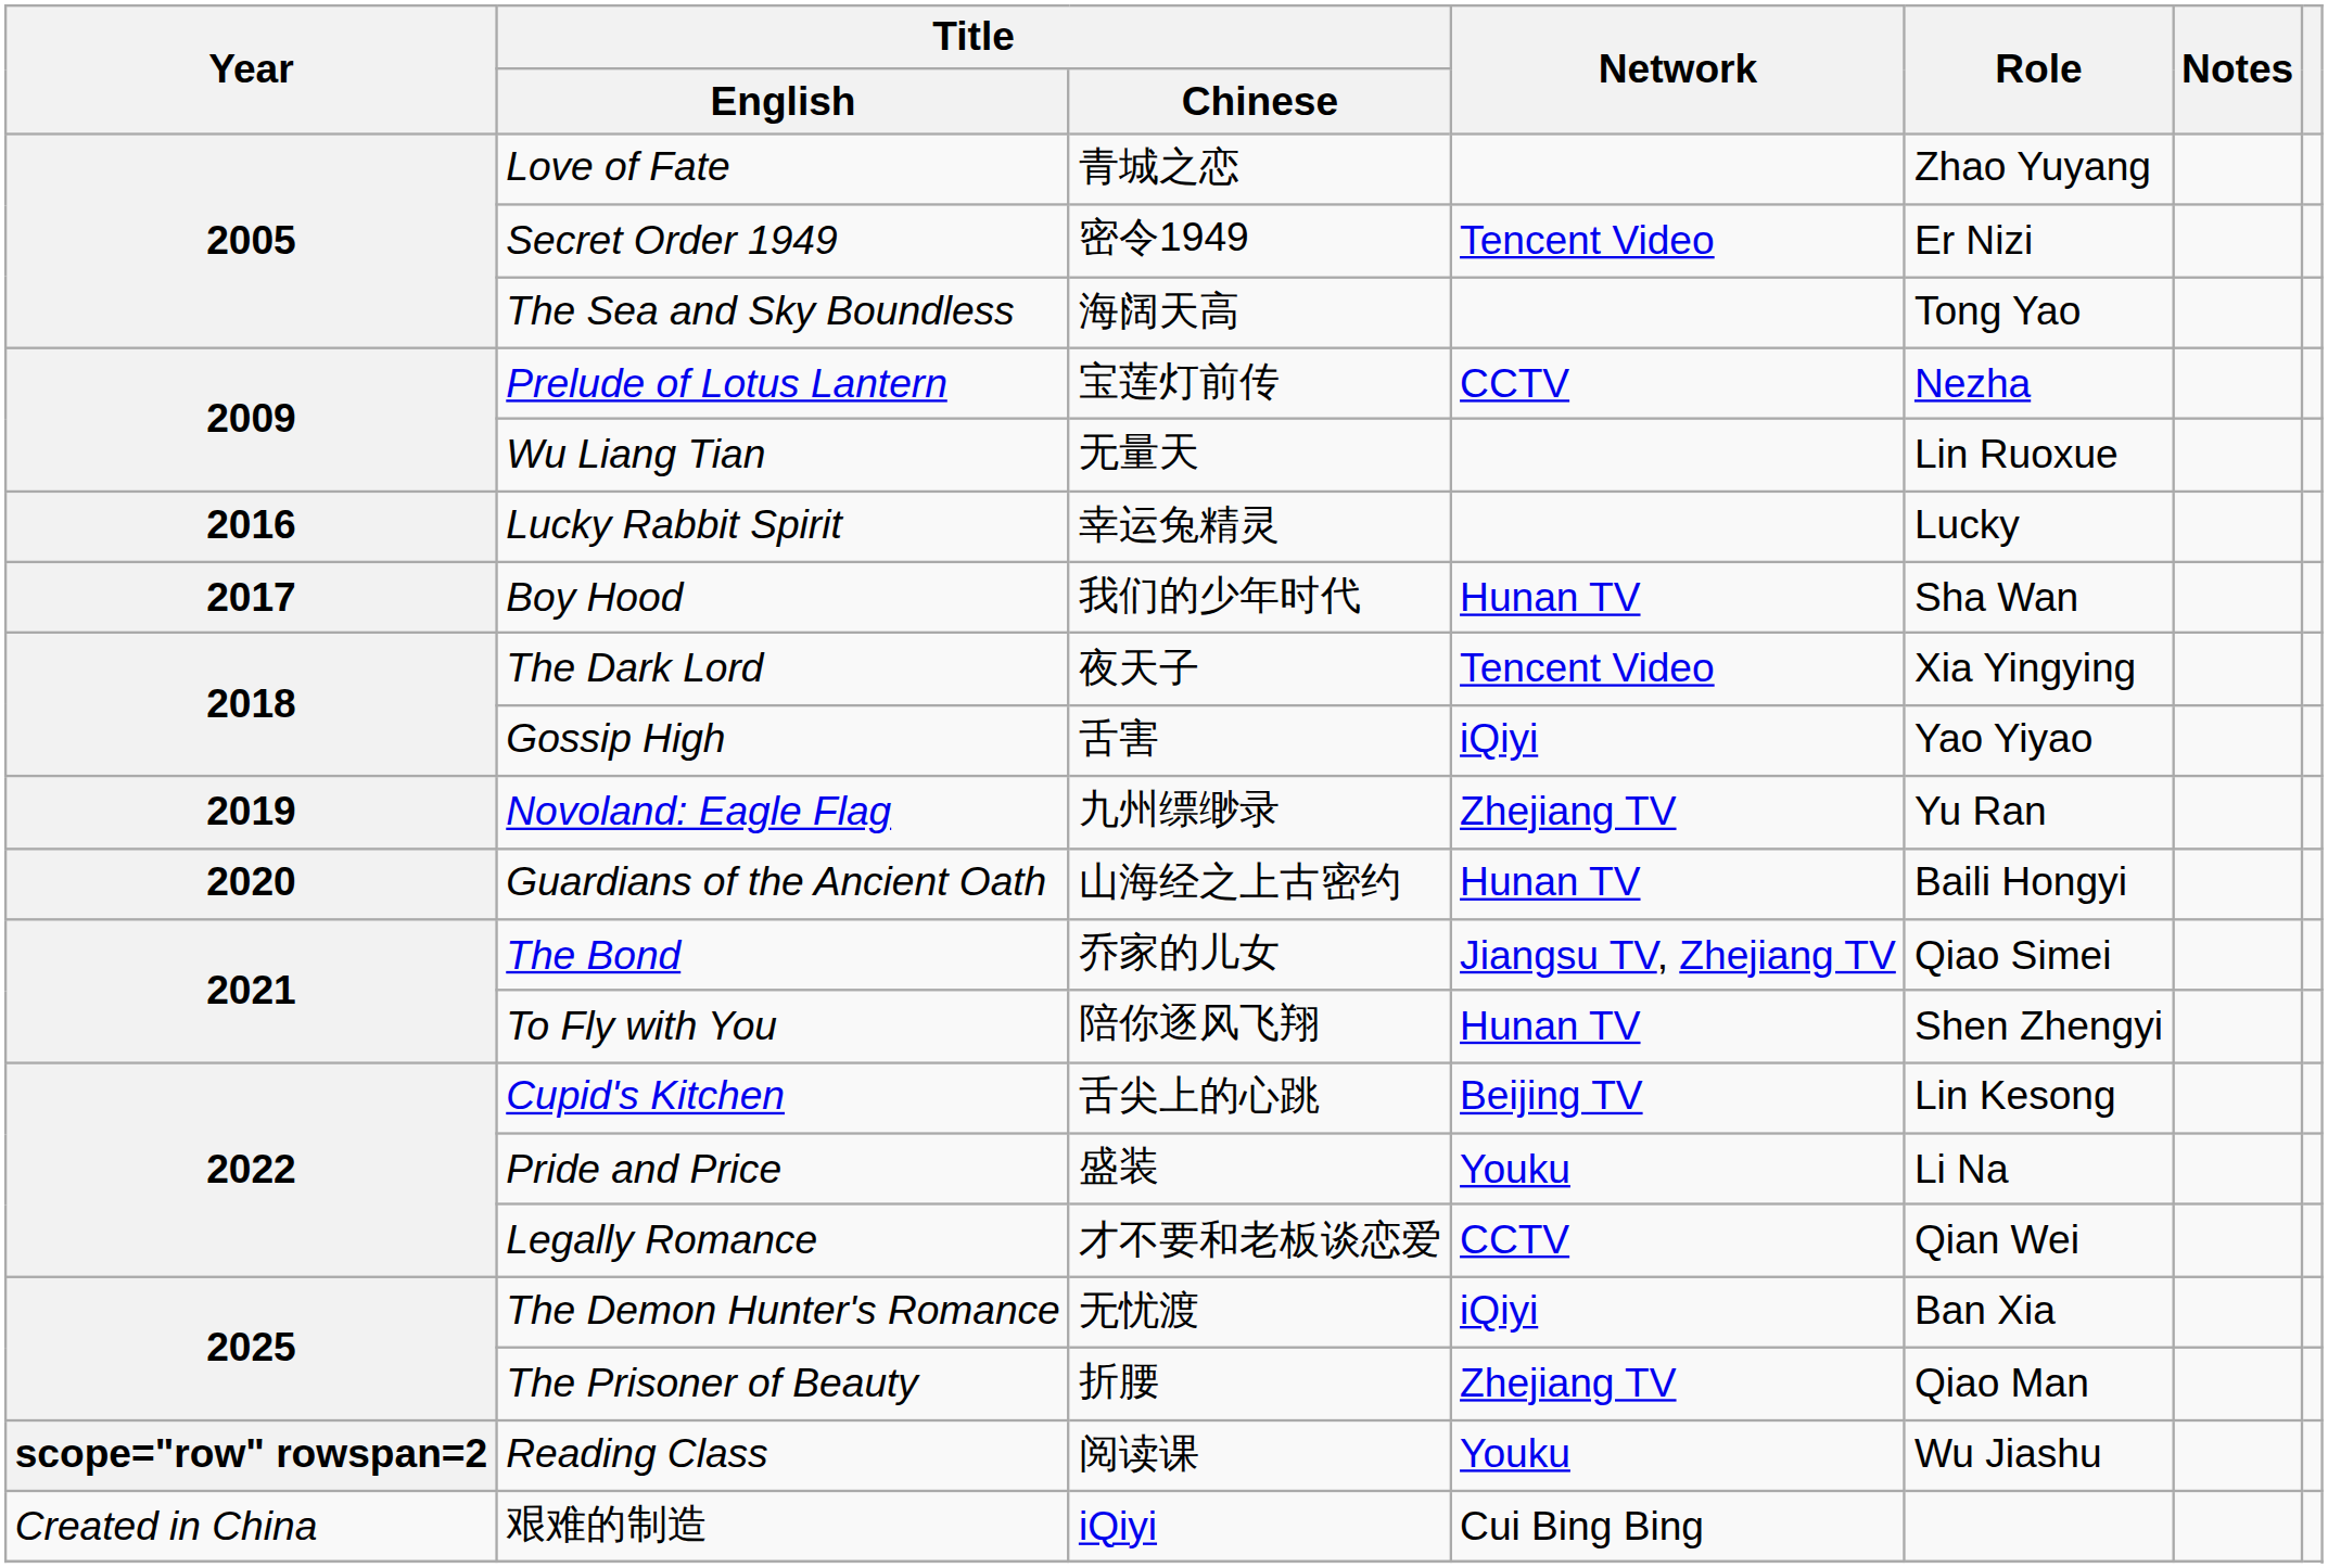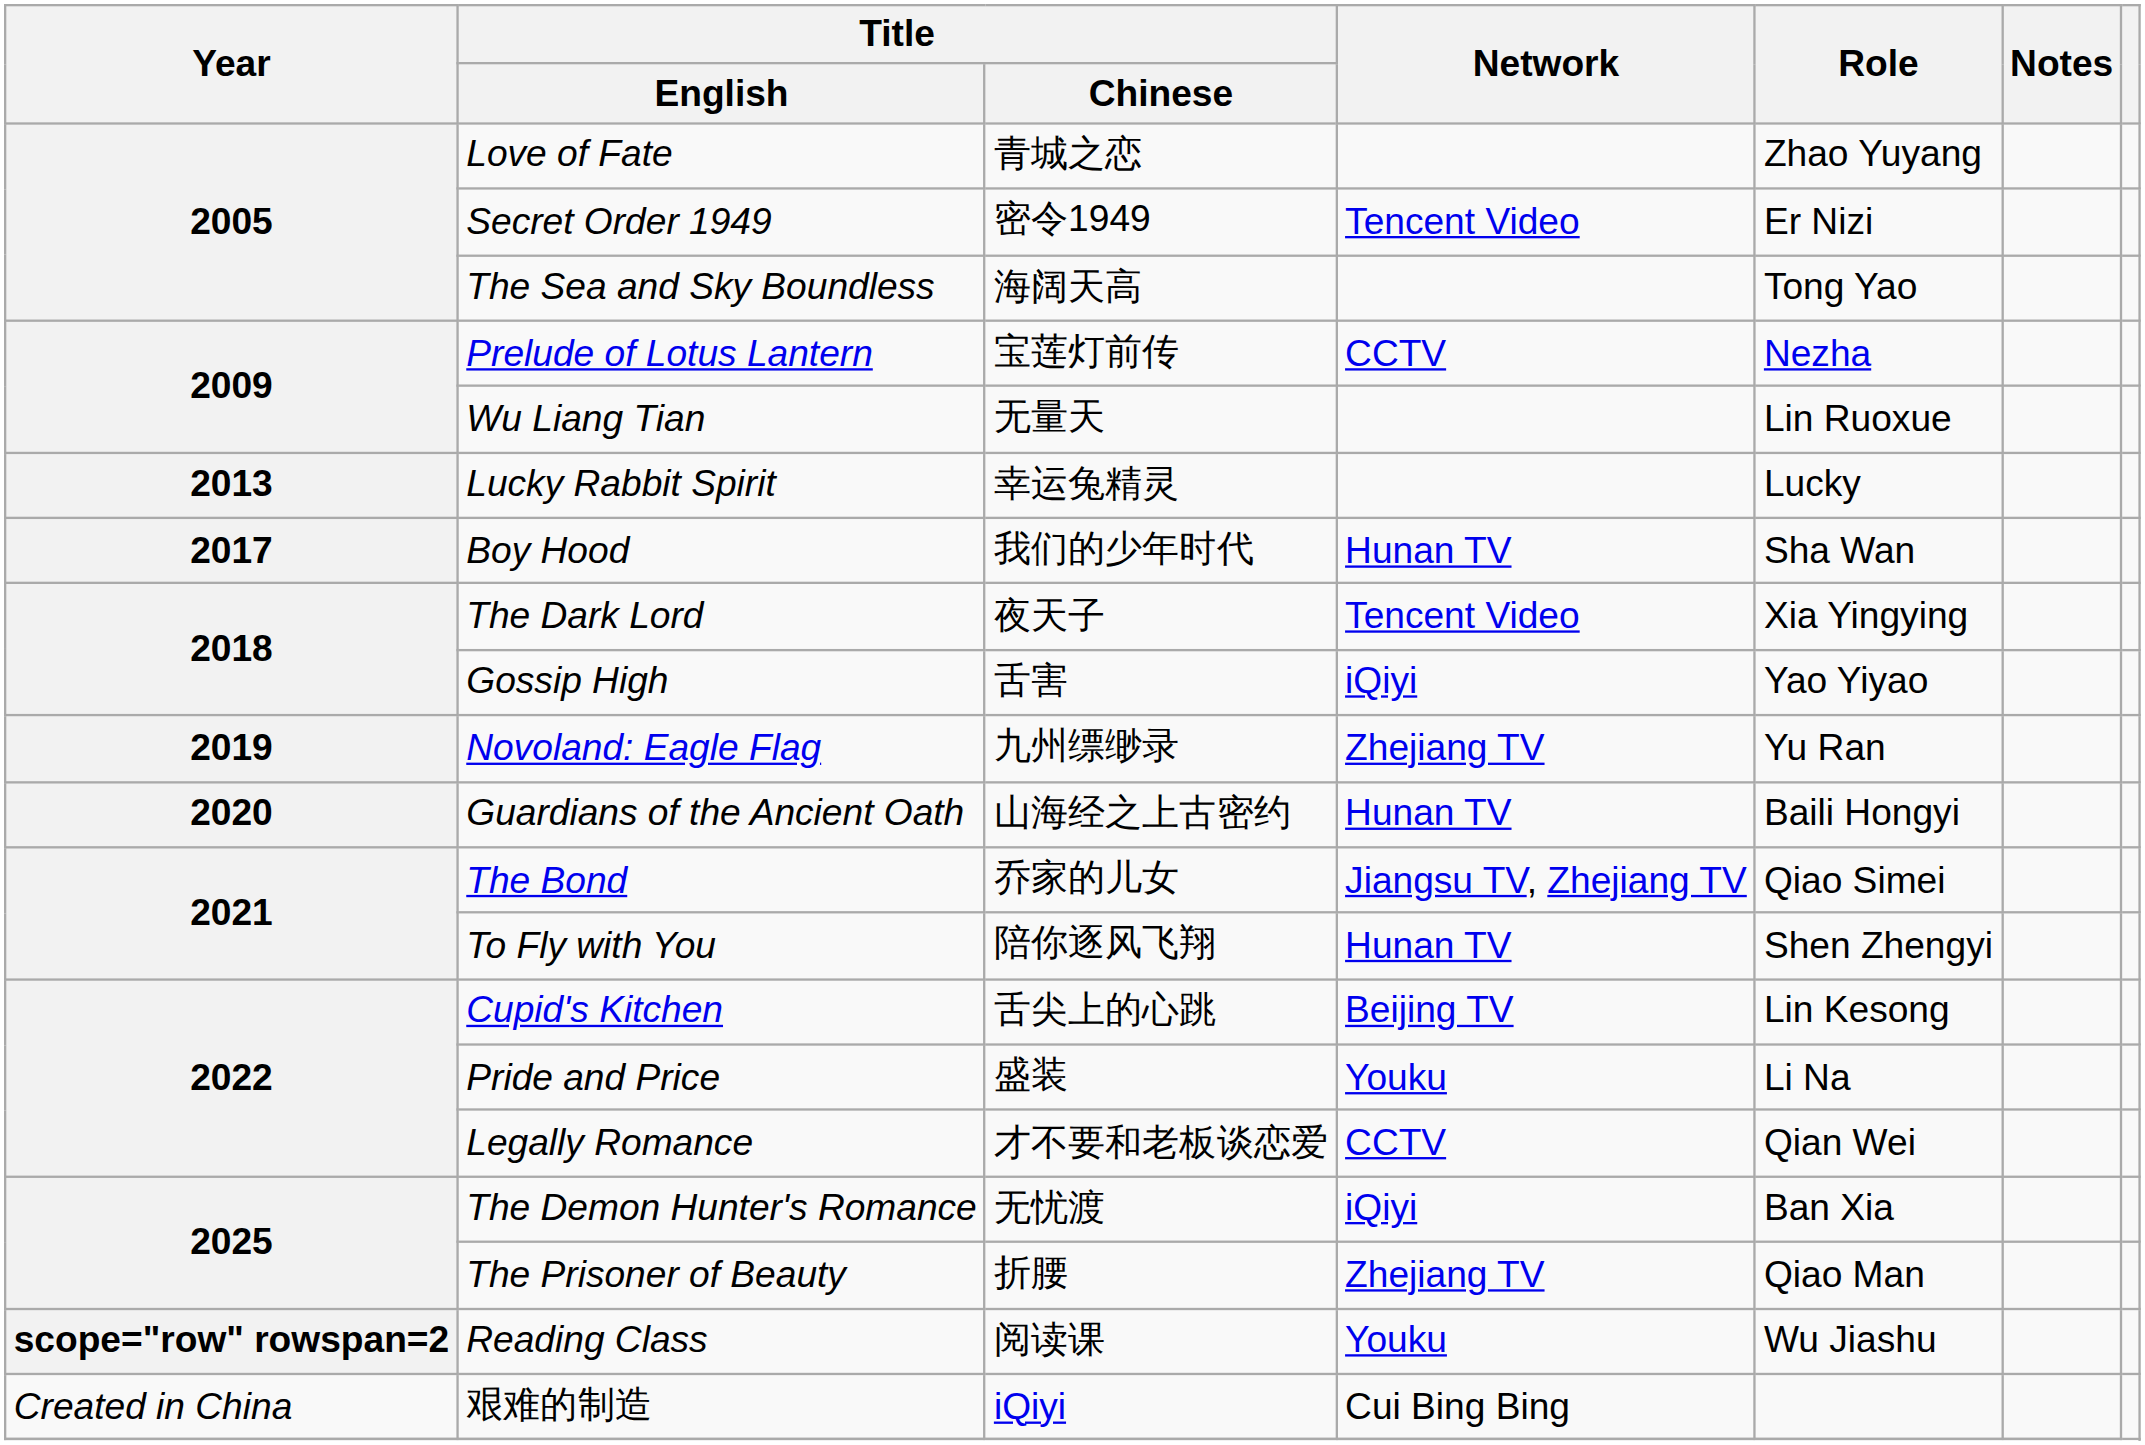 <table class="wikitable sortable plainrowheaders">
 <tr>
 <th scope="col" rowspan="2">Year</th>
 <th scope="col" colspan="2">Title</th>
 <th scope="col" rowspan="2">Network</th>
 <th scope="col" rowspan="2">Role</th>
 <th scope="col" rowspan="2">Notes</th>
 <th scope="col" rowspan="2" class="unsortable"></th>
 </tr>
 <tr>
 <th scope="col">English</th>
 <th scope="col">Chinese</th>
 </tr>
 <tr>
 <th scope="row" rowspan=3>2005</th>
 <td><em>Love of Fate</em></td>
 <td>青城之恋</td>
 <td></td>
 <td>Zhao Yuyang</td>
 <td></td>
 <td></td>
 </tr>
 <tr>
 <td><em>Secret Order 1949</em></td>
 <td>密令1949</td>
 <td><a href='#'>Tencent Video</a></td>
 <td>Er Nizi</td>
 <td></td>
 <td></td>
 </tr>
 <tr>
 <td><em>The Sea and Sky Boundless</em></td>
 <td>海阔天高</td>
 <td></td>
 <td>Tong Yao</td>
 <td></td>
 <td></td>
 </tr>
 <tr>
 <th scope="row" rowspan=2>2009</th>
 <td><em><a href='#'>Prelude of Lotus Lantern</a></em></td>
 <td>宝莲灯前传</td>
 <td><a href='#'>CCTV</a></td>
 <td><a href='#'>Nezha</a></td>
 <td></td>
 <td></td>
 </tr>
 <tr>
 <td><em>Wu Liang Tian</em></td>
 <td>无量天</td>
 <td></td>
 <td>Lin Ruoxue</td>
 <td></td>
 <td></td>
 </tr>
 <tr>
-<th scope="row">2016</th>
+<th scope="row">2013</th>
 <td><em>Lucky Rabbit Spirit</em></td>
 <td>幸运兔精灵</td>
 <td></td>
 <td>Lucky</td>
 <td></td>
 <td></td>
 </tr>
 <tr>
 <th scope="row">2017</th>
 <td><em>Boy Hood</em></td>
 <td>我们的少年时代</td>
 <td><a href='#'>Hunan TV</a></td>
 <td>Sha Wan</td>
 <td></td>
 <td></td>
 </tr>
 <tr>
 <th scope="row" rowspan=2>2018</th>
 <td><em>The Dark Lord</em></td>
 <td>夜天子</td>
 <td><a href='#'>Tencent Video</a></td>
 <td>Xia Yingying</td>
 <td></td>
 <td></td>
 </tr>
 <tr>
 <td><em>Gossip High</em></td>
 <td>舌害</td>
 <td><a href='#'>iQiyi</a></td>
 <td>Yao Yiyao</td>
 <td></td>
 <td></td>
 </tr>
 <tr>
 <th scope="row">2019</th>
 <td><em><a href='#'>Novoland: Eagle Flag</a></em></td>
 <td>九州缥缈录</td>
 <td><a href='#'>Zhejiang TV</a></td>
 <td>Yu Ran</td>
 <td></td>
 <td></td>
 </tr>
 <tr>
 <th scope="row">2020</th>
 <td><em>Guardians of the Ancient Oath</em></td>
 <td>山海经之上古密约</td>
 <td><a href='#'>Hunan TV</a></td>
 <td>Baili Hongyi</td>
 <td></td>
 <td></td>
 </tr>
 <tr>
 <th scope="row" rowspan=2>2021</th>
 <td><em><a href='#'>The Bond</a></em></td>
 <td>乔家的儿女</td>
 <td><a href='#'>Jiangsu TV</a>, <a href='#'>Zhejiang TV</a></td>
 <td>Qiao Simei</td>
 <td></td>
 <td></td>
 </tr>
 <tr>
 <td><em>To Fly with You</em></td>
 <td>陪你逐风飞翔</td>
 <td><a href='#'>Hunan TV</a></td>
 <td>Shen Zhengyi</td>
 <td></td>
 <td></td>
 </tr>
 <tr>
 <th scope="row" rowspan=3>2022</th>
 <td><em><a href='#'>Cupid's Kitchen</a></em></td>
 <td>舌尖上的心跳</td>
 <td><a href='#'>Beijing TV</a></td>
 <td>Lin Kesong</td>
 <td></td>
 <td></td>
 </tr>
 <tr>
 <td><em>Pride and Price</em></td>
 <td>盛装</td>
 <td><a href='#'>Youku</a></td>
 <td>Li Na</td>
 <td></td>
 <td></td>
 </tr>
 <tr>
 <td><em>Legally Romance</em></td>
 <td>才不要和老板谈恋爱</td>
 <td><a href='#'>CCTV</a></td>
 <td>Qian Wei</td>
 <td></td>
 <td></td>
 </tr>
 <tr>
 <th scope="row" rowspan=2>2025</th>
 <td><em>The Demon Hunter's Romance</em></td>
 <td>无忧渡</td>
 <td><a href='#'>iQiyi</a></td>
 <td>Ban Xia</td>
 <td></td>
 <td></td>
 </tr>
 <tr>
 <td><em>The Prisoner of Beauty</em></td>
 <td>折腰</td>
 <td><a href='#'>Zhejiang TV</a></td>
 <td>Qiao Man</td>
 <td></td>
 <td></td>
 </tr>
 <tr>
 <th>scope="row" rowspan=2 </th>
 <td><em>Reading Class</em></td>
 <td>阅读课</td>
 <td><a href='#'>Youku</a></td>
 <td>Wu Jiashu</td>
 <td></td>
 <td></td>
 </tr>
 <tr>
 <td><em>Created in China</em></td>
 <td>艰难的制造</td>
 <td><a href='#'>iQiyi</a></td>
 <td>Cui Bing Bing</td>
 <td></td>
 <td></td>
 </tr>
 <tr>
 </tr>
 </table>
